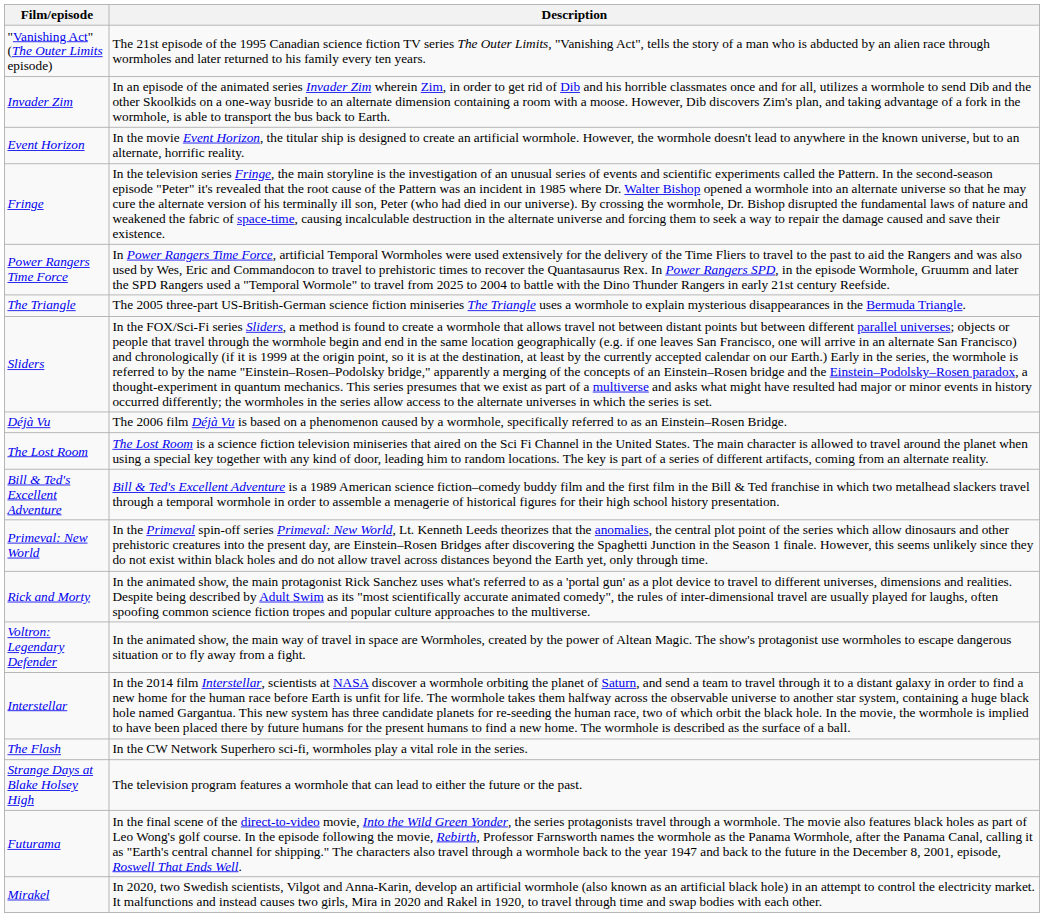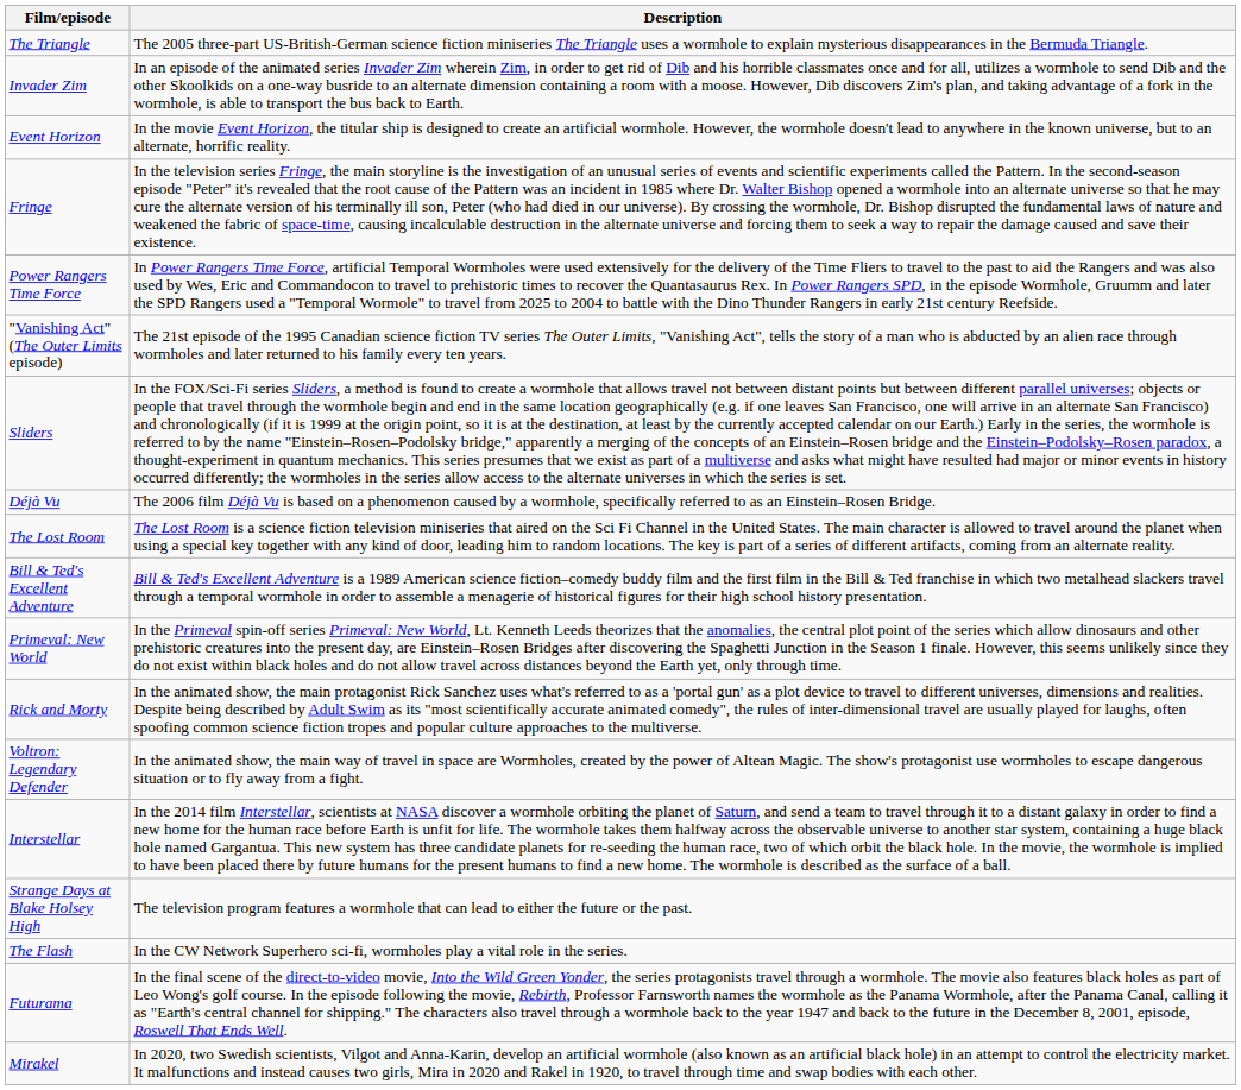 <table class="wikitable sortable">
 <tr>
 <th>Film/episode</th>
 <th class="unsortable!">Description</th>
 </tr>
 <tr>
-<td>"<a href='#'>Vanishing Act</a>" (<em><a href='#'>The Outer Limits</a></em> episode)</td>
-<td>The 21st episode of the 1995 Canadian science fiction TV series <em>The Outer Limits</em>, "Vanishing Act", tells the story of a man who is abducted by an alien race through wormholes and later returned to his family every ten years.</td>
+<td><em><a href='#'>The Triangle</a></em></td>
+<td>The 2005 three-part US-British-German science fiction miniseries <em><a href='#'>The Triangle</a></em> uses a wormhole to explain mysterious disappearances in the <a href='#'>Bermuda Triangle</a>.</td>
 </tr>
 <tr>
 <td><em><a href='#'>Invader Zim</a></em></td>
 <td>In an episode of the animated series <em><a href='#'>Invader Zim</a></em> wherein <a href='#'>Zim</a>, in order to get rid of <a href='#'>Dib</a> and his horrible classmates once and for all, utilizes a wormhole to send Dib and the other Skoolkids on a one-way busride to an alternate dimension containing a room with a moose. However, Dib discovers Zim's plan, and taking advantage of a fork in the wormhole, is able to transport the bus back to Earth.</td>
 </tr>
 <tr>
 <td><a href='#'><em>Event Horizon</em></a></td>
 <td>In the movie <a href='#'><em>Event Horizon</em></a>, the titular ship is designed to create an artificial wormhole. However, the wormhole doesn't lead to anywhere in the known universe, but to an alternate, horrific reality.</td>
 </tr>
 <tr>
 <td><em><a href='#'>Fringe</a></em></td>
 <td>In the television series <em><a href='#'>Fringe</a></em>, the main storyline is the investigation of an unusual series of events and scientific experiments called the Pattern. In the second-season episode "Peter" it's revealed that the root cause of the Pattern was an incident in 1985 where Dr. <a href='#'>Walter Bishop</a> opened a wormhole into an alternate universe so that he may cure the alternate version of his terminally ill son, Peter (who had died in our universe). By crossing the wormhole, Dr. Bishop disrupted the fundamental laws of nature and weakened the fabric of <a href='#'>space-time</a>, causing incalculable destruction in the alternate universe and forcing them to seek a way to repair the damage caused and save their existence.</td>
 </tr>
 <tr>
 <td><em><a href='#'>Power Rangers Time Force</a></em></td>
 <td>In <em><a href='#'>Power Rangers Time Force</a></em>, artificial Temporal Wormholes were used extensively for the delivery of the Time Fliers to travel to the past to aid the Rangers and was also used by Wes, Eric and Commandocon to travel to prehistoric times to recover the Quantasaurus Rex. In <em><a href='#'>Power Rangers SPD</a></em>, in the episode Wormhole, Gruumm and later the SPD Rangers used a "Temporal Wormole" to travel from 2025 to 2004 to battle with the Dino Thunder Rangers in early 21st century Reefside.</td>
 </tr>
 <tr>
-<td><em><a href='#'>The Triangle</a></em></td>
-<td>The 2005 three-part US-British-German science fiction miniseries <em><a href='#'>The Triangle</a></em> uses a wormhole to explain mysterious disappearances in the <a href='#'>Bermuda Triangle</a>.</td>
+<td>"<a href='#'>Vanishing Act</a>" (<em><a href='#'>The Outer Limits</a></em> episode)</td>
+<td>The 21st episode of the 1995 Canadian science fiction TV series <em>The Outer Limits</em>, "Vanishing Act", tells the story of a man who is abducted by an alien race through wormholes and later returned to his family every ten years.</td>
 </tr>
 <tr>
 <td><em><a href='#'>Sliders</a></em></td>
 <td>In the FOX/Sci-Fi series <em><a href='#'>Sliders</a></em>, a method is found to create a wormhole that allows travel not between distant points but between different <a href='#'>parallel universes</a>; objects or people that travel through the wormhole begin and end in the same location geographically (e.g. if one leaves San Francisco, one will arrive in an alternate San Francisco) and chronologically (if it is 1999 at the origin point, so it is at the destination, at least by the currently accepted calendar on our Earth.) Early in the series, the wormhole is referred to by the name "Einstein–Rosen–Podolsky bridge," apparently a merging of the concepts of an Einstein–Rosen bridge and the <a href='#'>Einstein–Podolsky–Rosen paradox</a>, a thought-experiment in quantum mechanics. This series presumes that we exist as part of a <a href='#'>multiverse</a> and asks what might have resulted had major or minor events in history occurred differently; the wormholes in the series allow access to the alternate universes in which the series is set.</td>
 </tr>
 <tr>
 <td><em><a href='#'>Déjà Vu</a></em></td>
 <td>The 2006 film <em><a href='#'>Déjà Vu</a></em> is based on a phenomenon caused by a wormhole, specifically referred to as an Einstein–Rosen Bridge.</td>
 </tr>
 <tr>
 <td><em><a href='#'>The Lost Room</a></em></td>
 <td><em><a href='#'>The Lost Room</a></em> is a science fiction television miniseries that aired on the Sci Fi Channel in the United States. The main character is allowed to travel around the planet when using a special key together with any kind of door, leading him to random locations. The key is part of a series of different artifacts, coming from an alternate reality.</td>
 </tr>
 <tr>
 <td><em><a href='#'>Bill & Ted's Excellent Adventure</a></em></td>
 <td><em><a href='#'>Bill & Ted's Excellent Adventure</a></em> is a 1989 American science fiction–comedy buddy film and the first film in the Bill & Ted franchise in which two metalhead slackers travel through a temporal wormhole in order to assemble a menagerie of historical figures for their high school history presentation.</td>
 </tr>
 <tr>
 <td><em><a href='#'>Primeval: New World</a></em></td>
 <td>In the <em><a href='#'>Primeval</a></em> spin-off series <em><a href='#'>Primeval: New World</a></em>, Lt. Kenneth Leeds theorizes that the <a href='#'>anomalies</a>, the central plot point of the series which allow dinosaurs and other prehistoric creatures into the present day, are Einstein–Rosen Bridges after discovering the Spaghetti Junction in the Season 1 finale. However, this seems unlikely since they do not exist within black holes and do not allow travel across distances beyond the Earth yet, only through time.</td>
 </tr>
 <tr>
 <td><em><a href='#'>Rick and Morty</a></em></td>
 <td>In the animated show, the main protagonist Rick Sanchez uses what's referred to as a 'portal gun' as a plot device to travel to different universes, dimensions and realities. Despite being described by <a href='#'>Adult Swim</a> as its "most scientifically accurate animated comedy", the rules of inter-dimensional travel are usually played for laughs, often spoofing common science fiction tropes and popular culture approaches to the multiverse.</td>
 </tr>
 <tr>
 <td><em><a href='#'>Voltron: Legendary Defender</a></em></td>
 <td>In the animated show, the main way of travel in space are Wormholes, created by the power of Altean Magic. The show's protagonist use wormholes to escape dangerous situation or to fly away from a fight.</td>
 </tr>
 <tr>
 <td><em><a href='#'>Interstellar</a></em></td>
 <td>In the 2014 film <em><a href='#'>Interstellar</a></em>, scientists at <a href='#'>NASA</a> discover a wormhole orbiting the planet of <a href='#'>Saturn</a>, and send a team to travel through it to a distant galaxy in order to find a new home for the human race before Earth is unfit for life. The wormhole takes them halfway across the observable universe to another star system, containing a huge black hole named Gargantua. This new system has three candidate planets for re-seeding the human race, two of which orbit the black hole. In the movie, the wormhole is implied to have been placed there by future humans for the present humans to find a new home. The wormhole is described as the surface of a ball.</td>
 </tr>
 <tr>
+<td><em><a href='#'>Strange Days at Blake Holsey High</a></em></td>
+<td>The television program features a wormhole that can lead to either the future or the past.</td>
+</tr>
+<tr>
 <td><em><a href='#'>The Flash</a></em></td>
 <td>In the CW Network Superhero sci-fi, wormholes play a vital role in the series.</td>
-</tr>
-<tr>
-<td><em><a href='#'>Strange Days at Blake Holsey High</a></em></td>
-<td>The television program features a wormhole that can lead to either the future or the past.</td>
 </tr>
 <tr>
 <td><em><a href='#'>Futurama</a></em></td>
 <td>In the final scene of the <a href='#'>direct-to-video</a> movie, <em><a href='#'>Into the Wild Green Yonder</a></em>, the series protagonists travel through a wormhole. The movie also features black holes as part of Leo Wong's golf course. In the episode following the movie, <em><a href='#'>Rebirth</a></em>, Professor Farnsworth names the wormhole as the Panama Wormhole, after the Panama Canal, calling it as "Earth's central channel for shipping." The characters also travel through a wormhole back to the year 1947 and back to the future in the December 8, 2001, episode, <em><a href='#'>Roswell That Ends Well</a></em>.</td>
 </tr>
 <tr>
 <td><em><a href='#'>Mirakel</a></em></td>
 <td>In 2020, two Swedish scientists, Vilgot and Anna-Karin, develop an artificial wormhole (also known as an artificial black hole) in an attempt to control the electricity market. It malfunctions and instead causes two girls, Mira in 2020 and Rakel in 1920, to travel through time and swap bodies with each other.</td>
 </tr>
 </table>
